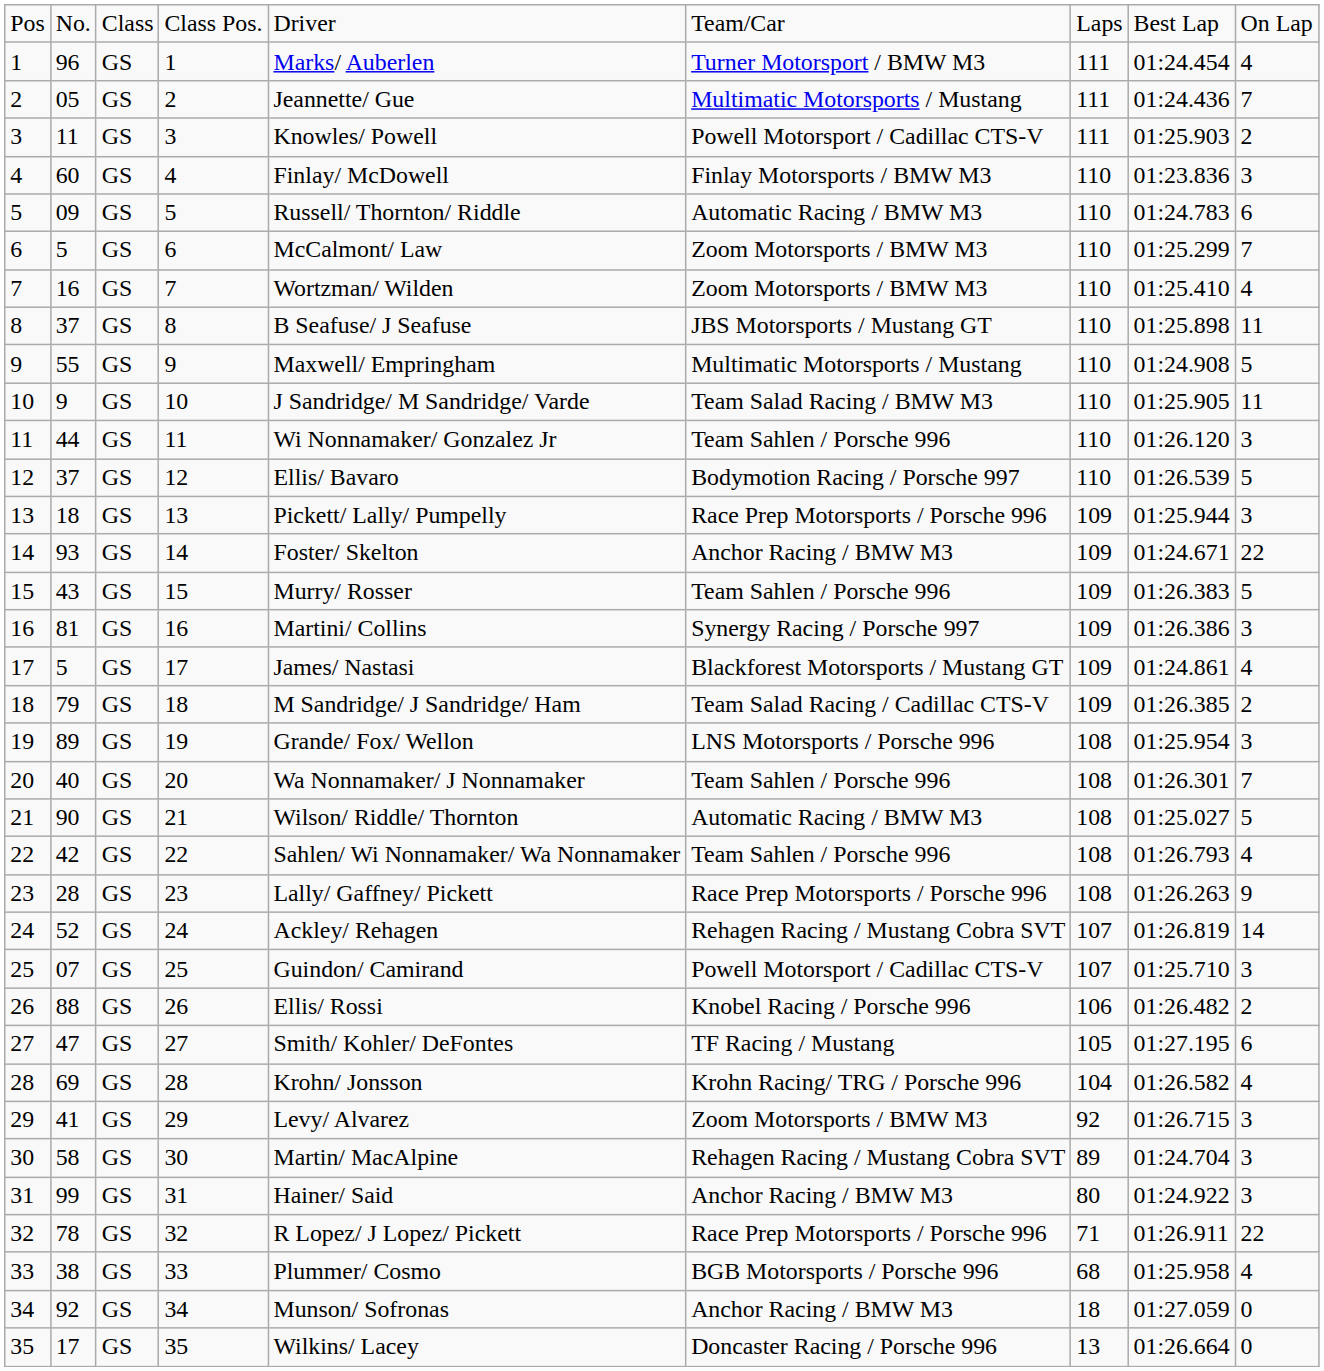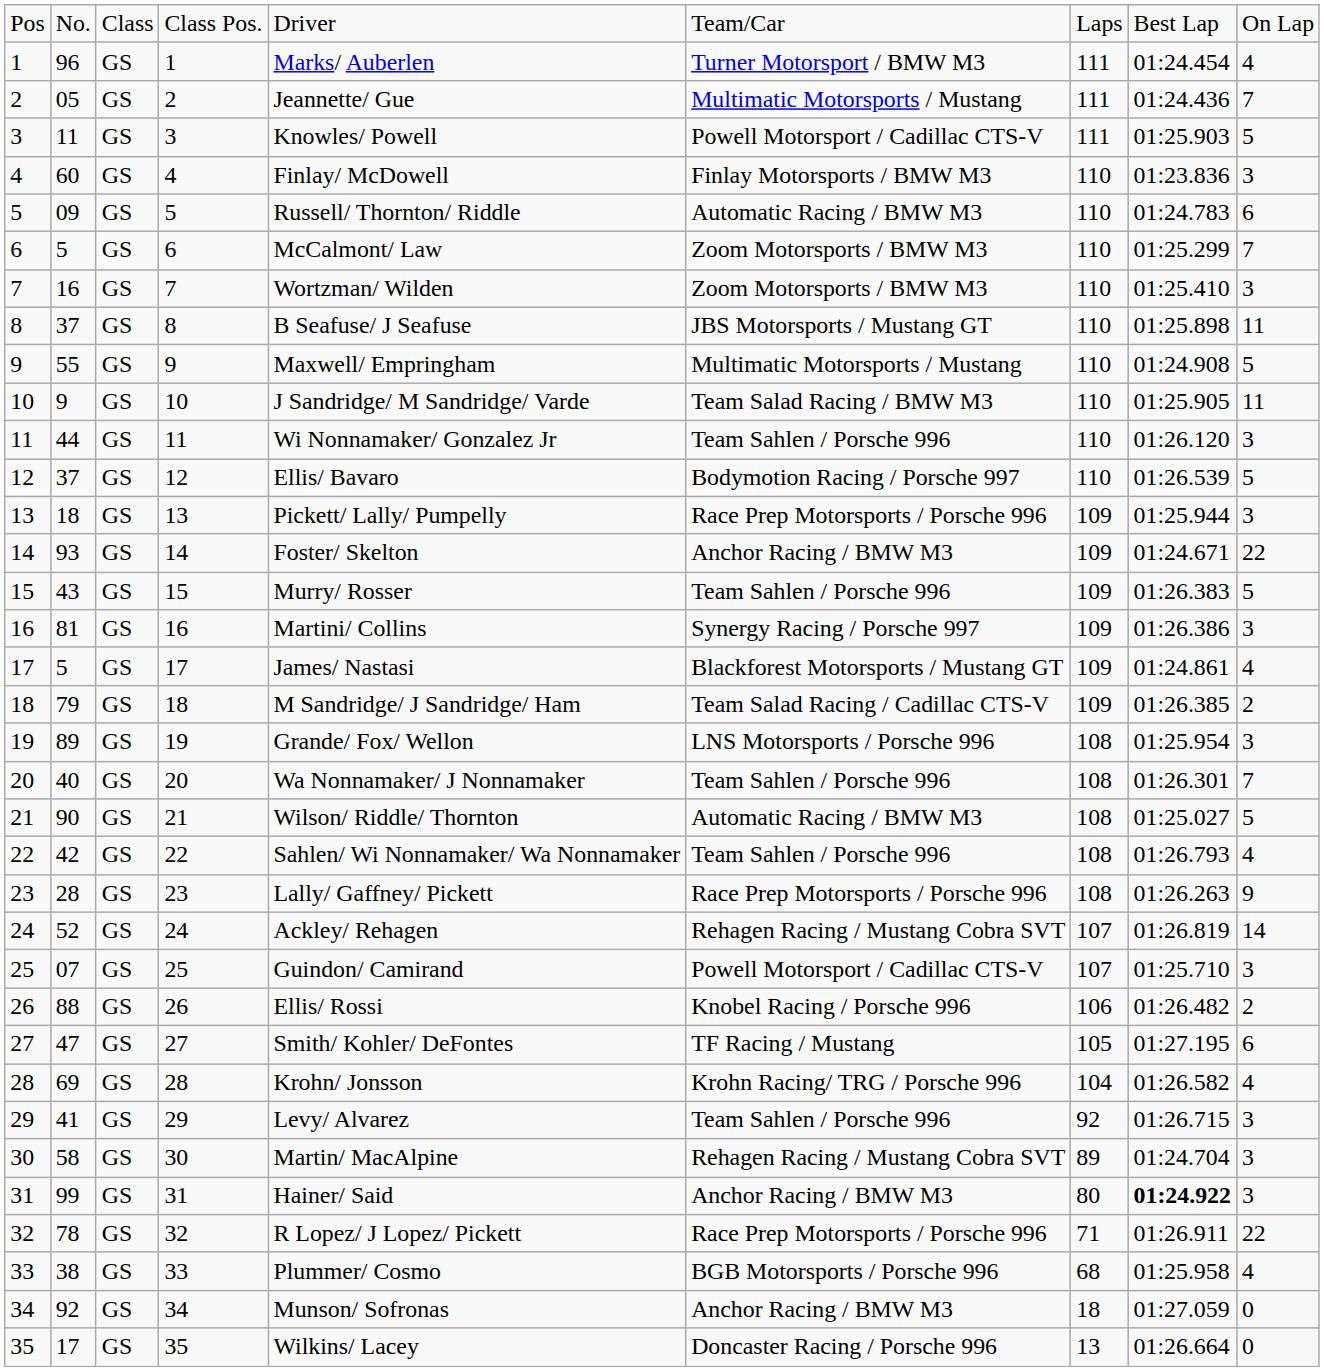 <table class="wikitable">
 <tr>
 <td>Pos</td>
 <td>No.</td>
 <td>Class</td>
 <td>Class Pos.</td>
 <td>Driver</td>
 <td>Team/Car</td>
 <td>Laps</td>
 <td>Best Lap</td>
 <td>On Lap</td>
 </tr>
 <tr>
 <td>1</td>
 <td>96</td>
 <td>GS</td>
 <td>1</td>
 <td><a href='#'>Marks</a>/ <a href='#'>Auberlen</a></td>
 <td><a href='#'>Turner Motorsport</a> / BMW M3</td>
 <td>111</td>
 <td>01:24.454</td>
 <td>4</td>
 </tr>
 <tr>
 <td>2</td>
 <td>05</td>
 <td>GS</td>
 <td>2</td>
 <td>Jeannette/ Gue </td>
 <td><a href='#'>Multimatic Motorsports</a> / Mustang</td>
 <td>111</td>
 <td>01:24.436</td>
 <td>7</td>
 </tr>
 <tr>
 <td>3</td>
 <td>11</td>
 <td>GS</td>
 <td>3</td>
 <td>Knowles/ Powell </td>
 <td>Powell Motorsport / Cadillac CTS-V</td>
 <td>111</td>
 <td>01:25.903</td>
-<td>2</td>
+<td>5</td>
 </tr>
 <tr>
 <td>4</td>
 <td>60</td>
 <td>GS</td>
 <td>4</td>
 <td>Finlay/ McDowell </td>
 <td>Finlay Motorsports / BMW M3</td>
 <td>110</td>
 <td>01:23.836</td>
 <td>3</td>
 </tr>
 <tr>
 <td>5</td>
 <td>09</td>
 <td>GS</td>
 <td>5</td>
 <td>Russell/ Thornton/ Riddle </td>
 <td>Automatic Racing / BMW M3</td>
 <td>110</td>
 <td>01:24.783</td>
 <td>6</td>
 </tr>
 <tr>
 <td>6</td>
 <td>5</td>
 <td>GS</td>
 <td>6</td>
 <td>McCalmont/ Law </td>
 <td>Zoom Motorsports / BMW M3</td>
 <td>110</td>
 <td>01:25.299</td>
 <td>7</td>
 </tr>
 <tr>
 <td>7</td>
 <td>16</td>
 <td>GS</td>
 <td>7</td>
 <td>Wortzman/ Wilden </td>
 <td>Zoom Motorsports / BMW M3</td>
 <td>110</td>
 <td>01:25.410</td>
-<td>4</td>
+<td>3</td>
 </tr>
 <tr>
 <td>8</td>
 <td>37</td>
 <td>GS</td>
 <td>8</td>
 <td>B Seafuse/ J Seafuse </td>
 <td>JBS Motorsports / Mustang GT</td>
 <td>110</td>
 <td>01:25.898</td>
 <td>11</td>
 </tr>
 <tr>
 <td>9</td>
 <td>55</td>
 <td>GS</td>
 <td>9</td>
 <td>Maxwell/ Empringham </td>
 <td>Multimatic Motorsports / Mustang</td>
 <td>110</td>
 <td>01:24.908</td>
 <td>5</td>
 </tr>
 <tr>
 <td>10</td>
 <td>9</td>
 <td>GS</td>
 <td>10</td>
 <td>J Sandridge/ M Sandridge/ Varde </td>
 <td>Team Salad Racing / BMW M3</td>
 <td>110</td>
 <td>01:25.905</td>
 <td>11</td>
 </tr>
 <tr>
 <td>11</td>
 <td>44</td>
 <td>GS</td>
 <td>11</td>
 <td>Wi Nonnamaker/ Gonzalez Jr </td>
 <td>Team Sahlen / Porsche 996</td>
 <td>110</td>
 <td>01:26.120</td>
 <td>3</td>
 </tr>
 <tr>
 <td>12</td>
 <td>37</td>
 <td>GS</td>
 <td>12</td>
 <td>Ellis/ Bavaro </td>
 <td>Bodymotion Racing / Porsche 997</td>
 <td>110</td>
 <td>01:26.539</td>
 <td>5</td>
 </tr>
 <tr>
 <td>13</td>
 <td>18</td>
 <td>GS</td>
 <td>13</td>
 <td>Pickett/ Lally/ Pumpelly </td>
 <td>Race Prep Motorsports / Porsche 996</td>
 <td>109</td>
 <td>01:25.944</td>
 <td>3</td>
 </tr>
 <tr>
 <td>14</td>
 <td>93</td>
 <td>GS</td>
 <td>14</td>
 <td>Foster/ Skelton </td>
 <td>Anchor Racing / BMW M3</td>
 <td>109</td>
 <td>01:24.671</td>
 <td>22</td>
 </tr>
 <tr>
 <td>15</td>
 <td>43</td>
 <td>GS</td>
 <td>15</td>
 <td>Murry/ Rosser </td>
 <td>Team Sahlen / Porsche 996</td>
 <td>109</td>
 <td>01:26.383</td>
 <td>5</td>
 </tr>
 <tr>
 <td>16</td>
 <td>81</td>
 <td>GS</td>
 <td>16</td>
 <td>Martini/ Collins </td>
 <td>Synergy Racing / Porsche 997</td>
 <td>109</td>
 <td>01:26.386</td>
 <td>3</td>
 </tr>
 <tr>
 <td>17</td>
 <td>5</td>
 <td>GS</td>
 <td>17</td>
 <td>James/ Nastasi </td>
 <td>Blackforest Motorsports / Mustang GT</td>
 <td>109</td>
 <td>01:24.861</td>
 <td>4</td>
 </tr>
 <tr>
 <td>18</td>
 <td>79</td>
 <td>GS</td>
 <td>18</td>
 <td>M Sandridge/ J Sandridge/ Ham </td>
 <td>Team Salad Racing / Cadillac CTS-V</td>
 <td>109</td>
 <td>01:26.385</td>
 <td>2</td>
 </tr>
 <tr>
 <td>19</td>
 <td>89</td>
 <td>GS</td>
 <td>19</td>
 <td>Grande/ Fox/ Wellon </td>
 <td>LNS Motorsports / Porsche 996</td>
 <td>108</td>
 <td>01:25.954</td>
 <td>3</td>
 </tr>
 <tr>
 <td>20</td>
 <td>40</td>
 <td>GS</td>
 <td>20</td>
 <td>Wa Nonnamaker/ J Nonnamaker </td>
 <td>Team Sahlen / Porsche 996</td>
 <td>108</td>
 <td>01:26.301</td>
 <td>7</td>
 </tr>
 <tr>
 <td>21</td>
 <td>90</td>
 <td>GS</td>
 <td>21</td>
 <td>Wilson/ Riddle/ Thornton </td>
 <td>Automatic Racing / BMW M3</td>
 <td>108</td>
 <td>01:25.027</td>
 <td>5</td>
 </tr>
 <tr>
 <td>22</td>
 <td>42</td>
 <td>GS</td>
 <td>22</td>
 <td>Sahlen/ Wi Nonnamaker/ Wa Nonnamaker</td>
 <td>Team Sahlen / Porsche 996</td>
 <td>108</td>
 <td>01:26.793</td>
 <td>4</td>
 </tr>
 <tr>
 <td>23</td>
 <td>28</td>
 <td>GS</td>
 <td>23</td>
 <td>Lally/ Gaffney/ Pickett </td>
 <td>Race Prep Motorsports / Porsche 996</td>
 <td>108</td>
 <td>01:26.263</td>
 <td>9</td>
 </tr>
 <tr>
 <td>24</td>
 <td>52</td>
 <td>GS</td>
 <td>24</td>
 <td>Ackley/ Rehagen </td>
 <td>Rehagen Racing / Mustang Cobra SVT</td>
 <td>107</td>
 <td>01:26.819</td>
 <td>14</td>
 </tr>
 <tr>
 <td>25</td>
 <td>07</td>
 <td>GS</td>
 <td>25</td>
 <td>Guindon/ Camirand </td>
 <td>Powell Motorsport / Cadillac CTS-V</td>
 <td>107</td>
 <td>01:25.710</td>
 <td>3</td>
 </tr>
 <tr>
 <td>26</td>
 <td>88</td>
 <td>GS</td>
 <td>26</td>
 <td>Ellis/ Rossi </td>
 <td>Knobel Racing / Porsche 996</td>
 <td>106</td>
 <td>01:26.482</td>
 <td>2</td>
 </tr>
 <tr>
 <td>27</td>
 <td>47</td>
 <td>GS</td>
 <td>27</td>
 <td>Smith/ Kohler/ DeFontes </td>
 <td>TF Racing / Mustang</td>
 <td>105</td>
 <td>01:27.195</td>
 <td>6</td>
 </tr>
 <tr>
 <td>28</td>
 <td>69</td>
 <td>GS</td>
 <td>28</td>
 <td>Krohn/ Jonsson </td>
 <td>Krohn Racing/ TRG / Porsche 996</td>
 <td>104</td>
 <td>01:26.582</td>
 <td>4</td>
 </tr>
 <tr>
 <td>29</td>
 <td>41</td>
 <td>GS</td>
 <td>29</td>
 <td>Levy/ Alvarez </td>
-<td>Zoom Motorsports / BMW M3</td>
+<td>Team Sahlen / Porsche 996</td>
 <td>92</td>
 <td>01:26.715</td>
 <td>3</td>
 </tr>
 <tr>
 <td>30</td>
 <td>58</td>
 <td>GS</td>
 <td>30</td>
 <td>Martin/ MacAlpine </td>
 <td>Rehagen Racing / Mustang Cobra SVT</td>
 <td>89</td>
 <td>01:24.704</td>
 <td>3</td>
 </tr>
 <tr>
 <td>31</td>
 <td>99</td>
 <td>GS</td>
 <td>31</td>
 <td>Hainer/ Said </td>
 <td>Anchor Racing / BMW M3</td>
 <td>80</td>
-<td>01:24.922</td>
+<td><strong>01:24.922</strong></td>
 <td>3</td>
 </tr>
 <tr>
 <td>32</td>
 <td>78</td>
 <td>GS</td>
 <td>32</td>
 <td>R Lopez/ J Lopez/ Pickett </td>
 <td>Race Prep Motorsports / Porsche 996</td>
 <td>71</td>
 <td>01:26.911</td>
 <td>22</td>
 </tr>
 <tr>
 <td>33</td>
 <td>38</td>
 <td>GS</td>
 <td>33</td>
 <td>Plummer/ Cosmo </td>
 <td>BGB Motorsports / Porsche 996</td>
 <td>68</td>
 <td>01:25.958</td>
 <td>4</td>
 </tr>
 <tr>
 <td>34</td>
 <td>92</td>
 <td>GS</td>
 <td>34</td>
 <td>Munson/ Sofronas </td>
 <td>Anchor Racing / BMW M3</td>
 <td>18</td>
 <td>01:27.059</td>
 <td>0</td>
 </tr>
 <tr>
 <td>35</td>
 <td>17</td>
 <td>GS</td>
 <td>35</td>
 <td>Wilkins/ Lacey </td>
 <td>Doncaster Racing / Porsche 996</td>
 <td>13</td>
 <td>01:26.664</td>
 <td>0</td>
 </tr>
 </table>
